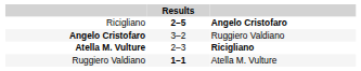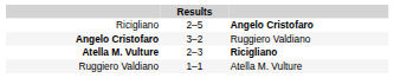 <table align=center style="font-size: 85%; border-collapse:collapse" border=0 cellspacing=0 cellpadding=2 width=60%>
 <tr bgcolor="D3D3D3">
 <th align=right></th>
 <th align=center>Results</th>
 <th align=left></th>
 <th align=center></th>
 </tr>
 <tr bgcolor=#FFFFFF>
 <td align=right>Ricigliano</td>
-<td align=center><strong>2–5</strong></td>
+<td align=center>2–5</td>
 <td><strong>Angelo Cristofaro</strong></td>
 <td align=center></td>
 </tr>
 <tr bgcolor=#F5F5F5>
 <td align=right><strong>Angelo Cristofaro</strong></td>
 <td align=center>3–2</td>
 <td>Ruggiero Valdiano</td>
 <td align=center></td>
 </tr>
 <tr bgcolor=#FFFFFF>
 <td align=right><strong>Atella M. Vulture</strong></td>
 <td align=center>2–3</td>
 <td><strong>Ricigliano</strong></td>
 <td align=center></td>
 </tr>
 <tr bgcolor=#F5F5F5>
 <td align=right>Ruggiero Valdiano</td>
-<td align=center><strong>1–1</strong></td>
+<td align=center>1–1</td>
 <td>Atella M. Vulture</td>
 <td align=center></td>
 </tr>
 </table>
